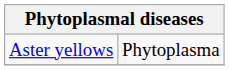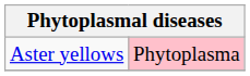 <table class="wikitable" style="clear">
 <tr>
 <th colspan=2><strong>Phytoplasmal diseases</strong><br></th>
 </tr>
 <tr>
 <td><a href='#'>Aster yellows</a></td>
-<td>Phytoplasma</td>
+<td style="background: pink;">Phytoplasma</td>
 </tr>
 <tr>
 </tr>
 </table>
